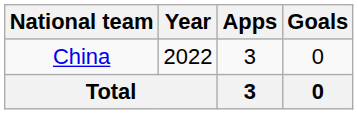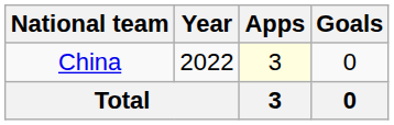 <table class="wikitable" style="text-align: center;">
 <tr>
 <th>National team</th>
 <th>Year</th>
 <th>Apps</th>
 <th>Goals</th>
 </tr>
 <tr>
 <td rowspan="1"><a href='#'>China</a></td>
 <td>2022</td>
-<td>3</td>
+<td style="background: lightyellow;">3</td>
 <td>0</td>
 </tr>
 <tr>
 <th colspan="2">Total</th>
 <th>3</th>
 <th>0</th>
 </tr>
 </table>
